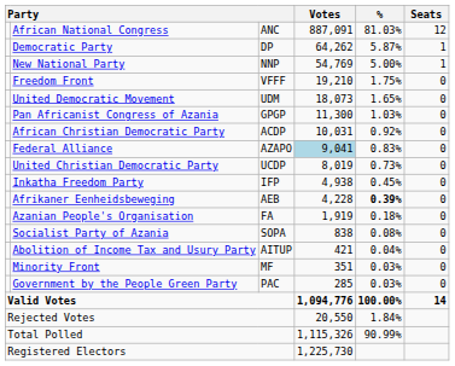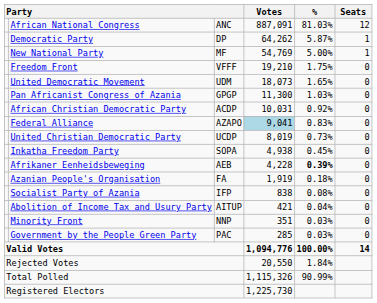 <table class="wikitable" border="1" style="text-align:right;">
 <tr>
 <th style="text-align:left;" colspan=3>Party</th>
 <th align=center width="50">Votes</th>
 <th align=center width="50">%</th>
 <th align=center width="50">Seats</th>
 </tr>
 <tr>
 <td style="background:"></td>
 <td align=left><a href='#'>African National Congress</a></td>
 <td align=left>ANC</td>
 <td>887,091</td>
 <td>81.03%</td>
 <td>12</td>
 </tr>
 <tr>
 <td style="background:"></td>
 <td align=left><a href='#'>Democratic Party</a></td>
 <td align=left>DP</td>
 <td>64,262</td>
 <td>5.87%</td>
 <td>1</td>
 </tr>
 <tr>
 <td style="background:"></td>
 <td align=left><a href='#'>New National Party</a></td>
-<td align=left>NNP</td>
+<td align=left>MF</td>
 <td>54,769</td>
 <td>5.00%</td>
 <td>1</td>
 </tr>
 <tr>
 <td style="background:"></td>
 <td align=left><a href='#'>Freedom Front</a></td>
 <td align=left>VFFF</td>
 <td>19,210</td>
 <td>1.75%</td>
 <td>0</td>
 </tr>
 <tr>
 <td style="background:"></td>
 <td align=left><a href='#'>United Democratic Movement</a></td>
 <td align=left>UDM</td>
 <td>18,073</td>
 <td>1.65%</td>
 <td>0</td>
 </tr>
 <tr>
 <td style="background:"></td>
 <td align=left><a href='#'>Pan Africanist Congress of Azania</a></td>
 <td align=left>GPGP</td>
 <td>11,300</td>
 <td>1.03%</td>
 <td>0</td>
 </tr>
 <tr>
 <td style="background:"></td>
 <td align=left><a href='#'>African Christian Democratic Party</a></td>
 <td align=left>ACDP</td>
 <td>10,031</td>
 <td>0.92%</td>
 <td>0</td>
 </tr>
 <tr>
 <td></td>
 <td align=left><a href='#'>Federal Alliance</a></td>
 <td align=left>AZAPO</td>
 <td style="background: lightblue;">9,041</td>
 <td>0.83%</td>
 <td>0</td>
 </tr>
 <tr>
 <td style="background:"></td>
 <td align=left><a href='#'>United Christian Democratic Party</a></td>
 <td align=left>UCDP</td>
 <td>8,019</td>
 <td>0.73%</td>
 <td>0</td>
 </tr>
 <tr>
 <td style="background:"></td>
 <td align=left><a href='#'>Inkatha Freedom Party</a></td>
-<td align=left>IFP</td>
+<td align=left>SOPA</td>
 <td>4,938</td>
 <td>0.45%</td>
 <td>0</td>
 </tr>
 <tr>
 <td></td>
 <td align=left><a href='#'>Afrikaner Eenheidsbeweging</a></td>
 <td align=left>AEB</td>
 <td>4,228</td>
 <td><strong>0.39%</strong></td>
 <td>0</td>
 </tr>
 <tr>
 <td style="background:"></td>
 <td align=left><a href='#'>Azanian People's Organisation</a></td>
 <td align=left>FA</td>
 <td>1,919</td>
 <td>0.18%</td>
 <td>0</td>
 </tr>
 <tr>
 <td style="background:"></td>
 <td align=left><a href='#'>Socialist Party of Azania</a></td>
-<td align=left>SOPA</td>
+<td align=left>IFP</td>
 <td>838</td>
 <td>0.08%</td>
 <td>0</td>
 </tr>
 <tr>
 <td style="background:"></td>
 <td align=left><a href='#'>Abolition of Income Tax and Usury Party</a></td>
 <td align=left>AITUP</td>
 <td>421</td>
 <td>0.04%</td>
 <td>0</td>
 </tr>
 <tr>
 <td style="background:"></td>
 <td align=left><a href='#'>Minority Front</a></td>
-<td align=left>MF</td>
+<td align=left>NNP</td>
 <td>351</td>
 <td>0.03%</td>
 <td>0</td>
 </tr>
 <tr>
 <td style="background:"></td>
 <td align=left><a href='#'>Government by the People Green Party</a></td>
 <td align=left>PAC</td>
 <td>285</td>
 <td>0.03%</td>
 <td>0</td>
 </tr>
 <tr style="font-weight:bold">
 <td align=left colspan=3>Valid Votes</td>
 <td>1,094,776</td>
 <td>100.00%</td>
 <td>14</td>
 </tr>
 <tr>
 <td align=left colspan=3>Rejected Votes</td>
 <td>20,550</td>
 <td>1.84%</td>
 <td></td>
 </tr>
 <tr>
 <td align=left colspan=3>Total Polled</td>
 <td>1,115,326</td>
 <td>90.99%</td>
 <td></td>
 </tr>
 <tr>
 <td align=left colspan=3>Registered Electors</td>
 <td>1,225,730</td>
 <td></td>
 <td></td>
 </tr>
 </table>
